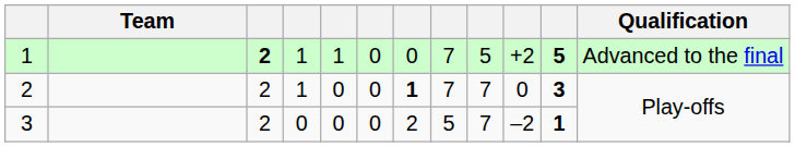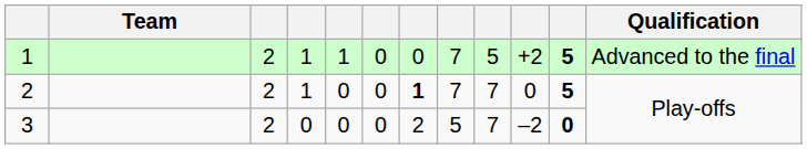 <table class="wikitable" style="text-align: center;">
 <tr>
 <th width="25"></th>
 <th width="140">Team</th>
 <th width="20"></th>
 <th width="20"></th>
 <th width="20"></th>
 <th width="20"></th>
 <th width="20"></th>
 <th width="20"></th>
 <th width="20"></th>
 <th width="20"></th>
 <th width="20"></th>
 <th width="150">Qualification</th>
 </tr>
 <tr style="background-color: #ccffcc;">
 <td>1</td>
 <td align=left></td>
-<td><strong>2</strong></td>
+<td>2</td>
 <td>1</td>
 <td>1</td>
 <td>0</td>
 <td>0</td>
 <td>7</td>
 <td>5</td>
 <td>+2</td>
 <td><strong>5</strong></td>
 <td>Advanced to the <a href='#'>final</a></td>
 </tr>
 <tr>
 <td>2</td>
 <td align=left></td>
 <td>2</td>
 <td>1</td>
 <td>0</td>
 <td>0</td>
 <td><strong>1</strong></td>
 <td>7</td>
 <td>7</td>
 <td>0</td>
-<td><strong>3</strong></td>
+<td><strong>5</strong></td>
 <td rowspan="2">Play-offs</td>
 </tr>
 <tr>
 <td>3</td>
 <td align=left></td>
 <td>2</td>
 <td>0</td>
 <td>0</td>
 <td>0</td>
 <td>2</td>
 <td>5</td>
 <td>7</td>
 <td>–2</td>
-<td><strong>1</strong></td>
+<td><strong>0</strong></td>
 </tr>
 </table>
